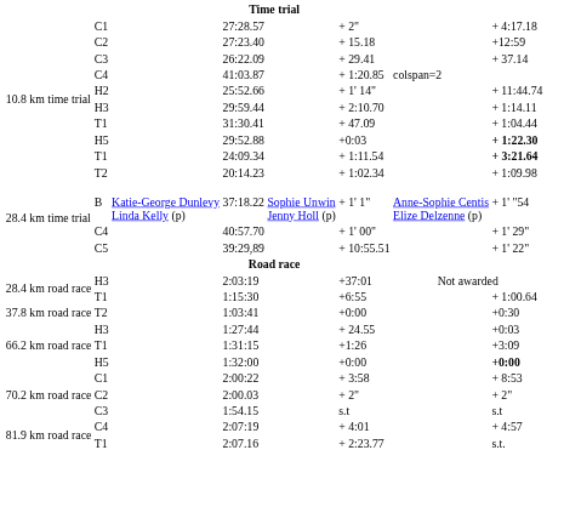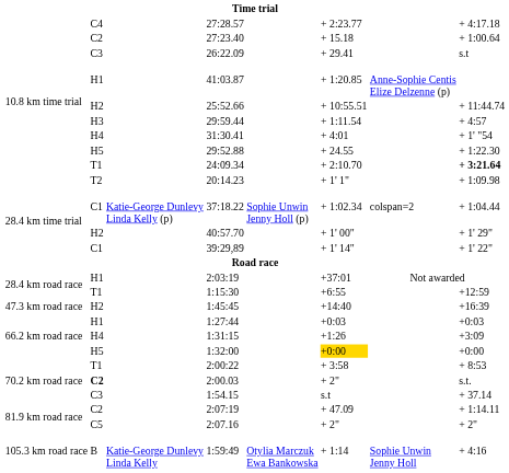 <table>
 <tr>
 <th colspan=8>Time trial</th>
 </tr>
 <tr>
 <td rowspan=10>10.8 km time trial</td>
-<td>C1</td>
+<td>C4</td>
 <td></td>
 <td>27:28.57</td>
 <td></td>
-<td>+ 2"</td>
+<td>+ 2:23.77</td>
 <td></td>
 <td>+ 4:17.18</td>
 </tr>
 <tr>
 <td>C2</td>
 <td></td>
 <td>27:23.40</td>
 <td></td>
 <td>+ 15.18</td>
 <td></td>
-<td>+12:59</td>
+<td>+ 1:00.64</td>
 </tr>
 <tr>
 <td>C3</td>
 <td></td>
 <td>26:22.09</td>
 <td></td>
 <td>+ 29.41</td>
 <td></td>
-<td>+ 37.14</td>
+<td>s.t</td>
 </tr>
 <tr>
-<td>C4</td>
+<td>H1</td>
 <td></td>
 <td>41:03.87</td>
 <td></td>
 <td>+ 1:20.85</td>
-<td>colspan=2 </td>
+<td><br><a href='#'>Anne-Sophie Centis</a><br><a href='#'>Elize Delzenne</a> (p)</td>
 </tr>
 <tr>
 <td>H2</td>
 <td></td>
 <td>25:52.66</td>
 <td></td>
-<td>+ 1' 14"</td>
+<td>+ 10:55.51</td>
 <td></td>
 <td>+ 11:44.74</td>
 </tr>
 <tr>
 <td>H3</td>
 <td></td>
 <td>29:59.44</td>
 <td></td>
-<td>+ 2:10.70</td>
+<td>+ 1:11.54</td>
 <td></td>
-<td>+ 1:14.11</td>
+<td>+ 4:57</td>
 </tr>
 <tr>
-<td>T1</td>
+<td>H4</td>
 <td></td>
 <td>31:30.41</td>
 <td></td>
-<td>+ 47.09</td>
+<td>+ 4:01</td>
 <td></td>
-<td>+ 1:04.44</td>
+<td>+ 1' "54</td>
 </tr>
 <tr>
 <td>H5</td>
 <td></td>
 <td>29:52.88</td>
 <td></td>
-<td>+0:03</td>
+<td>+ 24.55</td>
 <td></td>
-<td><strong>+ 1:22.30</strong></td>
+<td>+ 1:22.30</td>
 </tr>
 <tr>
 <td>T1</td>
 <td></td>
 <td>24:09.34</td>
 <td></td>
-<td>+ 1:11.54</td>
+<td>+ 2:10.70</td>
 <td></td>
 <td><strong>+ 3:21.64</strong></td>
 </tr>
 <tr>
 <td>T2</td>
 <td></td>
 <td>20:14.23</td>
 <td></td>
-<td>+ 1:02.34</td>
+<td>+ 1' 1"</td>
 <td></td>
 <td>+ 1:09.98</td>
 </tr>
 <tr>
 <td rowspan=3>28.4 km time trial</td>
-<td>B</td>
+<td>C1</td>
 <td><br><a href='#'>Katie-George Dunlevy</a><br><a href='#'>Linda Kelly</a> (p)</td>
 <td>37:18.22</td>
 <td><br><a href='#'>Sophie Unwin</a><br><a href='#'>Jenny Holl</a> (p)</td>
-<td>+ 1' 1"</td>
-<td><br><a href='#'>Anne-Sophie Centis</a><br><a href='#'>Elize Delzenne</a> (p)</td>
-<td>+ 1' "54</td>
+<td>+ 1:02.34</td>
+<td>colspan=2 </td>
+<td>+ 1:04.44</td>
 </tr>
 <tr>
-<td>C4</td>
+<td>H2</td>
 <td></td>
 <td>40:57.70</td>
 <td></td>
 <td>+ 1' 00"</td>
 <td></td>
 <td>+ 1' 29"</td>
 </tr>
 <tr>
-<td>C5</td>
+<td>C1</td>
 <td></td>
 <td>39:29,89</td>
 <td></td>
-<td>+ 10:55.51</td>
+<td>+ 1' 14"</td>
 <td></td>
 <td>+ 1' 22"</td>
 </tr>
 <tr>
 <th colspan=8>Road race</th>
 </tr>
 <tr>
 <td rowspan=2>28.4 km road race</td>
-<td>H3</td>
+<td>H1</td>
 <td></td>
 <td>2:03:19</td>
 <td></td>
 <td>+37:01</td>
 <td colspan=2 align=center>Not awarded</td>
 </tr>
 <tr>
 <td>T1</td>
 <td></td>
 <td>1:15:30</td>
 <td></td>
 <td>+6:55</td>
 <td></td>
-<td>+ 1:00.64</td>
+<td>+12:59</td>
 </tr>
 <tr>
-<td>37.8 km road race</td>
-<td>T2</td>
+<td>47.3 km road race</td>
+<td>H2</td>
 <td></td>
-<td>1:03:41</td>
+<td>1:45:45</td>
 <td></td>
-<td>+0:00</td>
+<td>+14:40</td>
 <td></td>
-<td>+0:30</td>
+<td>+16:39</td>
 </tr>
 <tr>
 <td rowspan=3>66.2 km road race</td>
-<td>H3</td>
+<td>H1</td>
 <td></td>
 <td>1:27:44</td>
 <td></td>
-<td>+ 24.55</td>
+<td>+0:03</td>
 <td></td>
 <td>+0:03</td>
 </tr>
 <tr>
-<td>T1</td>
+<td>H4</td>
 <td></td>
 <td>1:31:15</td>
 <td></td>
 <td>+1:26</td>
 <td></td>
 <td>+3:09</td>
 </tr>
 <tr>
 <td>H5</td>
 <td></td>
 <td>1:32:00</td>
 <td></td>
+<td style="background: gold;">+0:00</td>
+<td></td>
 <td>+0:00</td>
-<td></td>
-<td><strong>+0:00</strong></td>
 </tr>
 <tr>
 <td rowspan=3>70.2 km road race</td>
-<td>C1</td>
+<td>T1</td>
 <td></td>
 <td>2:00:22</td>
 <td></td>
 <td>+ 3:58</td>
 <td></td>
 <td>+ 8:53</td>
 </tr>
 <tr>
-<td>C2</td>
+<td><strong>C2</strong></td>
 <td></td>
 <td>2:00.03</td>
 <td></td>
 <td>+ 2"</td>
 <td></td>
-<td>+ 2"</td>
+<td>s.t.</td>
 </tr>
 <tr>
 <td>C3</td>
 <td></td>
 <td>1:54.15</td>
 <td></td>
 <td>s.t</td>
 <td></td>
-<td>s.t</td>
+<td>+ 37.14</td>
 </tr>
 <tr>
 <td rowspan=2>81.9 km road race</td>
-<td>C4</td>
+<td>C2</td>
 <td></td>
 <td>2:07:19</td>
 <td></td>
-<td>+ 4:01</td>
+<td>+ 47.09</td>
 <td></td>
-<td>+ 4:57</td>
+<td>+ 1:14.11</td>
 </tr>
 <tr>
-<td>T1</td>
+<td>C5</td>
 <td></td>
 <td>2:07.16</td>
 <td></td>
-<td>+ 2:23.77</td>
+<td>+ 2"</td>
 <td></td>
-<td>s.t.</td>
+<td>+ 2"</td>
+</tr>
+<tr>
+<td>105.3 km road race</td>
+<td>B</td>
+<td><br><a href='#'>Katie-George Dunlevy</a><br><a href='#'>Linda Kelly</a></td>
+<td>1:59:49</td>
+<td><br><a href='#'>Otylia Marczuk</a><br><a href='#'>Ewa Bankowska</a></td>
+<td>+ 1:14</td>
+<td><br><a href='#'>Sophie Unwin</a><br><a href='#'>Jenny Holl</a></td>
+<td>+ 4:16</td>
 </tr>
 </table>
